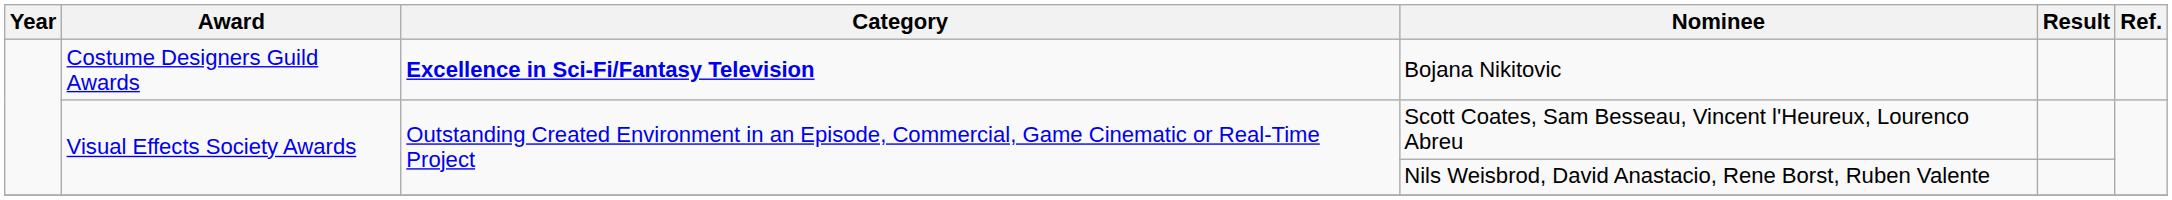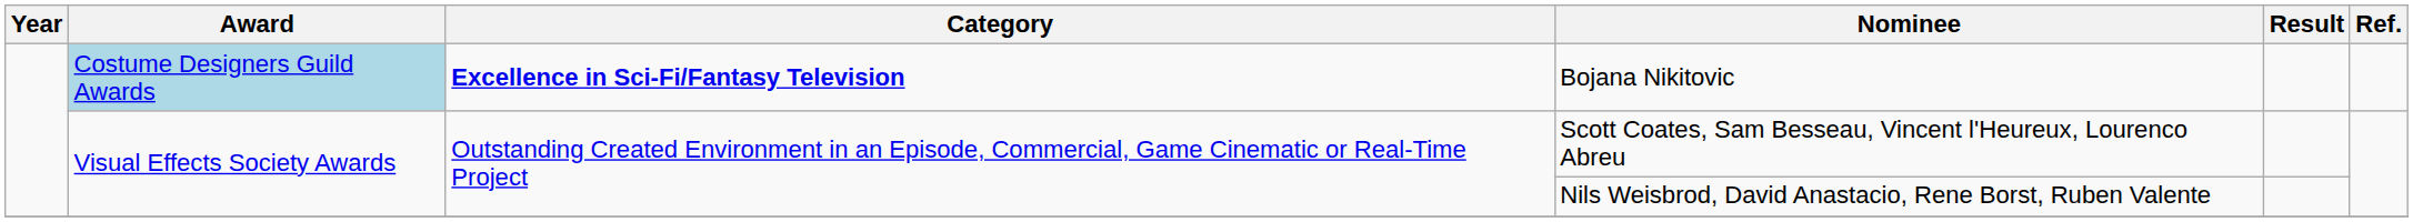 <table class="wikitable plainrowheaders sortable">
 <tr>
 <th scope="col">Year</th>
 <th scope="col">Award</th>
 <th scope="col">Category</th>
 <th scope="col">Nominee</th>
 <th scope="col">Result</th>
 <th scope="col">Ref.</th>
 </tr>
 <tr>
 <td rowspan="3"></td>
-<td><a href='#'>Costume Designers Guild Awards</a></td>
+<td style="background: lightblue;"><a href='#'>Costume Designers Guild Awards</a></td>
 <td><strong><a href='#'>Excellence in Sci-Fi/Fantasy Television</a></strong></td>
 <td>Bojana Nikitovic </td>
 <td></td>
 <td align="center"></td>
 </tr>
 <tr>
 <td rowspan="2"><a href='#'>Visual Effects Society Awards</a></td>
 <td rowspan="2"><a href='#'>Outstanding Created Environment in an Episode, Commercial, Game Cinematic or Real-Time Project</a></td>
 <td>Scott Coates, Sam Besseau, Vincent l'Heureux, Lourenco Abreu </td>
 <td></td>
 <td rowspan="2" align="center"></td>
 </tr>
 <tr>
 <td>Nils Weisbrod, David Anastacio, Rene Borst, Ruben Valente </td>
 <td></td>
 </tr>
 <tr>
 </tr>
 </table>
